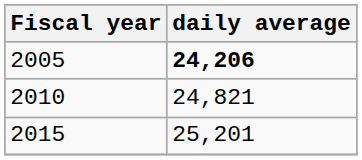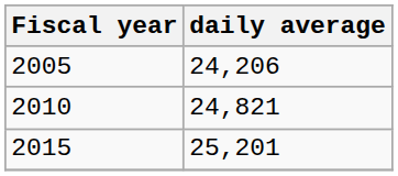 <table class="wikitable">
 <tr>
 <th>Fiscal year</th>
 <th>daily average</th>
 </tr>
 <tr>
 <td>2005</td>
-<td><strong>24,206</strong></td>
+<td>24,206</td>
 </tr>
 <tr>
 <td>2010</td>
 <td>24,821</td>
 </tr>
 <tr>
 <td>2015</td>
 <td>25,201</td>
 </tr>
 <tr>
 </tr>
 </table>
